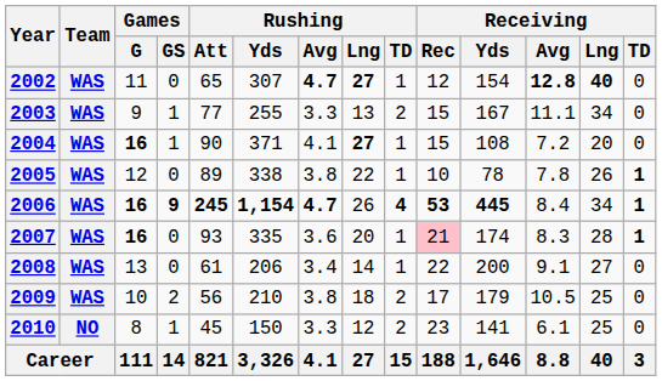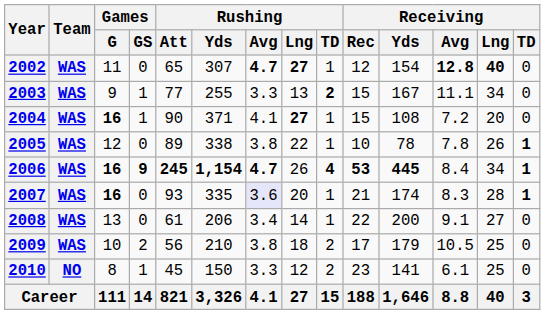 <table class=wikitable style="text-align:center">
 <tr>
 <th rowspan="2">Year</th>
 <th rowspan="2">Team</th>
 <th colspan="2">Games</th>
 <th colspan="5">Rushing</th>
 <th colspan="5">Receiving</th>
 </tr>
 <tr>
 <th>G</th>
 <th>GS</th>
 <th>Att</th>
 <th>Yds</th>
 <th>Avg</th>
 <th>Lng</th>
 <th>TD</th>
 <th>Rec</th>
 <th>Yds</th>
 <th>Avg</th>
 <th>Lng</th>
 <th>TD</th>
 </tr>
 <tr>
 <th><a href='#'>2002</a></th>
 <th><a href='#'>WAS</a></th>
 <td>11</td>
 <td>0</td>
 <td>65</td>
 <td>307</td>
 <td><strong>4.7</strong></td>
 <td><strong>27</strong></td>
 <td>1</td>
 <td>12</td>
 <td>154</td>
 <td><strong>12.8</strong></td>
 <td><strong>40</strong></td>
 <td>0</td>
 </tr>
 <tr>
 <th><a href='#'>2003</a></th>
 <th><a href='#'>WAS</a></th>
 <td>9</td>
 <td>1</td>
 <td>77</td>
 <td>255</td>
 <td>3.3</td>
 <td>13</td>
-<td>2</td>
+<td><strong>2</strong></td>
 <td>15</td>
 <td>167</td>
 <td>11.1</td>
 <td>34</td>
 <td>0</td>
 </tr>
 <tr>
 <th><a href='#'>2004</a></th>
 <th><a href='#'>WAS</a></th>
 <td><strong>16</strong></td>
 <td>1</td>
 <td>90</td>
 <td>371</td>
 <td>4.1</td>
 <td><strong>27</strong></td>
 <td>1</td>
 <td>15</td>
 <td>108</td>
 <td>7.2</td>
 <td>20</td>
 <td>0</td>
 </tr>
 <tr>
 <th><a href='#'>2005</a></th>
 <th><a href='#'>WAS</a></th>
 <td>12</td>
 <td>0</td>
 <td>89</td>
 <td>338</td>
 <td>3.8</td>
 <td>22</td>
 <td>1</td>
 <td>10</td>
 <td>78</td>
 <td>7.8</td>
 <td>26</td>
 <td><strong>1</strong></td>
 </tr>
 <tr>
 <th><a href='#'>2006</a></th>
 <th><a href='#'>WAS</a></th>
 <td><strong>16</strong></td>
 <td><strong>9</strong></td>
 <td><strong>245</strong></td>
 <td><strong>1,154</strong></td>
 <td><strong>4.7</strong></td>
 <td>26</td>
 <td><strong>4</strong></td>
 <td><strong>53</strong></td>
 <td><strong>445</strong></td>
 <td>8.4</td>
 <td>34</td>
 <td><strong>1</strong></td>
 </tr>
 <tr>
 <th><a href='#'>2007</a></th>
 <th><a href='#'>WAS</a></th>
 <td><strong>16</strong></td>
 <td>0</td>
 <td>93</td>
 <td>335</td>
-<td>3.6</td>
+<td style="background: lavender;">3.6</td>
 <td>20</td>
 <td>1</td>
-<td style="background: pink;">21</td>
+<td>21</td>
 <td>174</td>
 <td>8.3</td>
 <td>28</td>
 <td><strong>1</strong></td>
 </tr>
 <tr>
 <th><a href='#'>2008</a></th>
 <th><a href='#'>WAS</a></th>
 <td>13</td>
 <td>0</td>
 <td>61</td>
 <td>206</td>
 <td>3.4</td>
 <td>14</td>
 <td>1</td>
 <td>22</td>
 <td>200</td>
 <td>9.1</td>
 <td>27</td>
 <td>0</td>
 </tr>
 <tr>
 <th><a href='#'>2009</a></th>
 <th><a href='#'>WAS</a></th>
 <td>10</td>
 <td>2</td>
 <td>56</td>
 <td>210</td>
 <td>3.8</td>
 <td>18</td>
 <td>2</td>
 <td>17</td>
 <td>179</td>
 <td>10.5</td>
 <td>25</td>
 <td>0</td>
 </tr>
 <tr>
 <th><a href='#'>2010</a></th>
 <th><a href='#'>NO</a></th>
 <td>8</td>
 <td>1</td>
 <td>45</td>
 <td>150</td>
 <td>3.3</td>
 <td>12</td>
 <td>2</td>
 <td>23</td>
 <td>141</td>
 <td>6.1</td>
 <td>25</td>
 <td>0</td>
 </tr>
 <tr>
 <th colspan="2">Career</th>
 <th>111</th>
 <th>14</th>
 <th>821</th>
 <th>3,326</th>
 <th>4.1</th>
 <th>27</th>
 <th>15</th>
 <th>188</th>
 <th>1,646</th>
 <th>8.8</th>
 <th>40</th>
 <th>3</th>
 </tr>
 </table>
